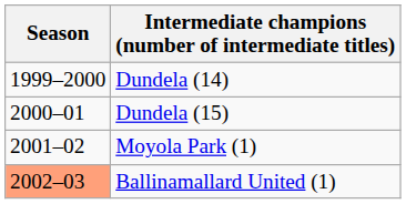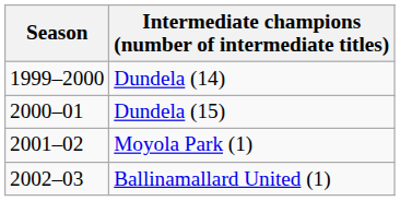 <table class="wikitable">
 <tr>
 <th>Season</th>
 <th>Intermediate champions<br>(number of intermediate titles)</th>
 </tr>
 <tr>
 <td>1999–2000</td>
 <td><a href='#'>Dundela</a> (14)</td>
 </tr>
 <tr>
 <td>2000–01</td>
 <td><a href='#'>Dundela</a> (15)</td>
 </tr>
 <tr>
 <td>2001–02</td>
 <td><a href='#'>Moyola Park</a> (1)</td>
 </tr>
 <tr>
-<td style="background: lightsalmon;">2002–03</td>
+<td>2002–03</td>
 <td><a href='#'>Ballinamallard United</a> (1)</td>
 </tr>
 </table>
